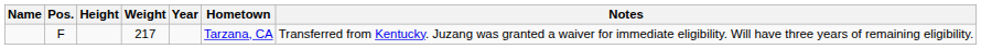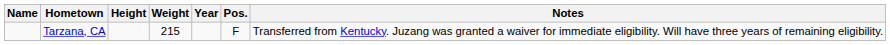 <table class="wikitable sortable sortable" style="text-align: center">
 <tr align=center>
 <th>Name</th>
-<th>Pos.</th>
+<th>Hometown</th>
 <th>Height</th>
 <th>Weight</th>
 <th>Year</th>
-<th>Hometown</th>
+<th>Pos.</th>
 <th>Notes</th>
 </tr>
 <tr>
 <td></td>
+<td><a href='#'>Tarzana, CA</a></td>
+<td></td>
+<td>215</td>
+<td></td>
 <td>F</td>
-<td></td>
-<td>217</td>
-<td></td>
-<td><a href='#'>Tarzana, CA</a></td>
 <td>Transferred from <a href='#'>Kentucky</a>. Juzang was granted a waiver for immediate eligibility. Will have three years of remaining eligibility.</td>
 </tr>
 </table>
